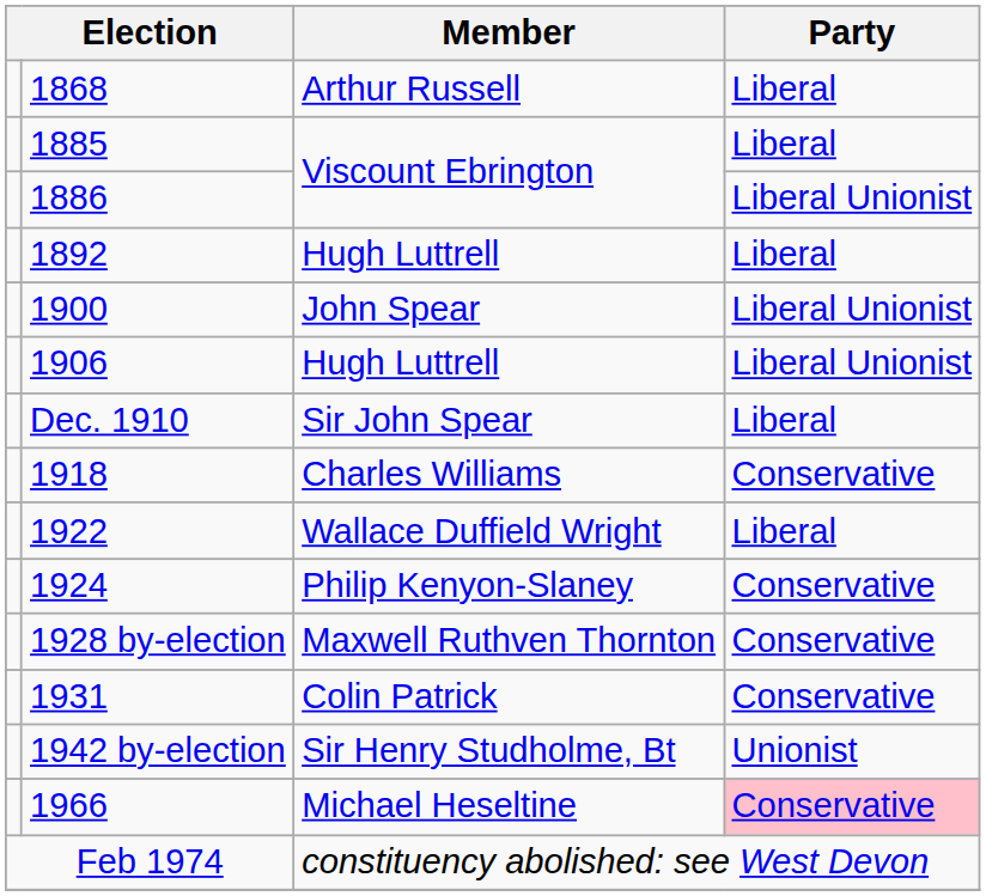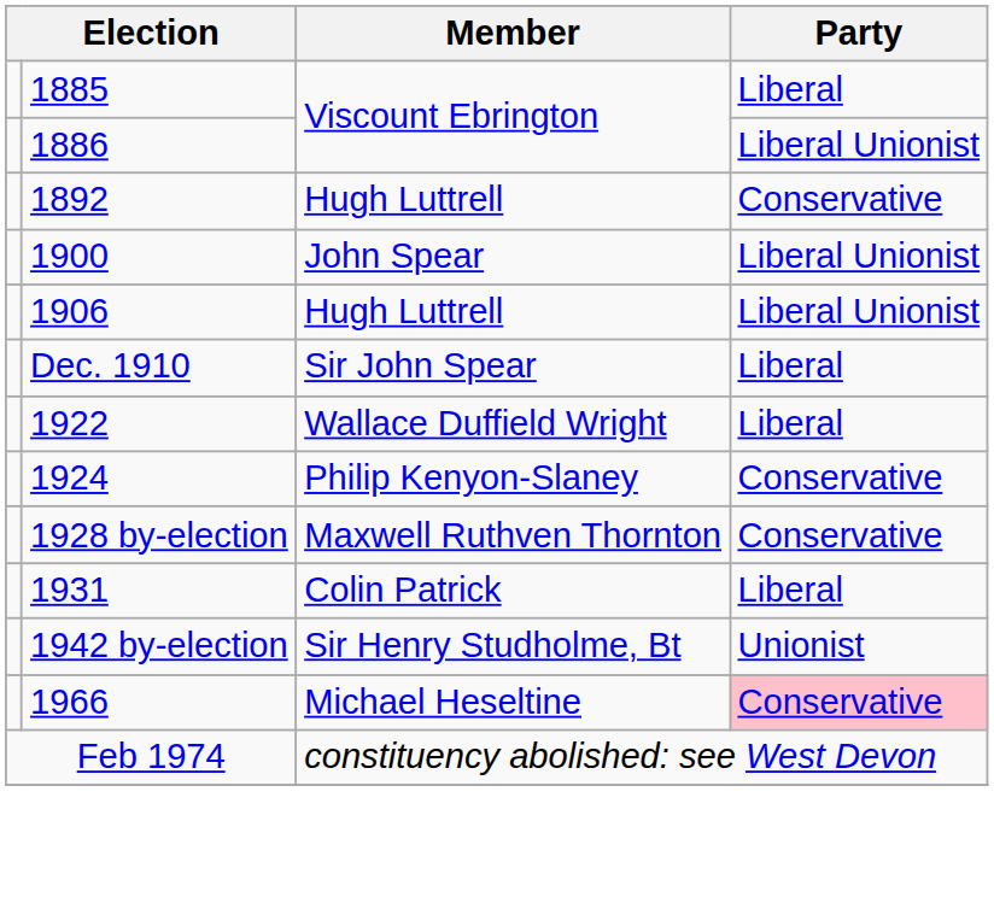 <table class="wikitable">
 <tr>
 <th colspan="2">Election</th>
 <th>Member</th>
 <th>Party</th>
-</tr>
-<tr>
-<td style="color:inherit;background-color: "></td>
-<td><a href='#'>1868</a></td>
-<td><a href='#'>Arthur Russell</a></td>
-<td><a href='#'>Liberal</a></td>
 </tr>
 <tr>
 <td style="color:inherit;background-color: "></td>
 <td><a href='#'>1885</a></td>
 <td rowspan="2"><a href='#'>Viscount Ebrington</a></td>
 <td><a href='#'>Liberal</a></td>
 </tr>
 <tr>
 <td style="color:inherit;background-color: "></td>
 <td><a href='#'>1886</a></td>
 <td><a href='#'>Liberal Unionist</a></td>
 </tr>
 <tr>
 <td style="color:inherit;background-color: "></td>
 <td><a href='#'>1892</a></td>
 <td><a href='#'>Hugh Luttrell</a></td>
-<td><a href='#'>Liberal</a></td>
+<td><a href='#'>Conservative</a></td>
 </tr>
 <tr>
 <td style="color:inherit;background-color: "></td>
 <td><a href='#'>1900</a></td>
 <td><a href='#'>John Spear</a></td>
 <td><a href='#'>Liberal Unionist</a></td>
 </tr>
 <tr>
 <td style="color:inherit;background-color: "></td>
 <td><a href='#'>1906</a></td>
 <td><a href='#'>Hugh Luttrell</a></td>
 <td><a href='#'>Liberal Unionist</a></td>
 </tr>
 <tr>
 <td style="color:inherit;background-color: "></td>
 <td><a href='#'>Dec. 1910</a></td>
 <td><a href='#'>Sir John Spear</a></td>
 <td><a href='#'>Liberal</a></td>
-</tr>
-<tr>
-<td style="color:inherit;background-color: "></td>
-<td><a href='#'>1918</a></td>
-<td><a href='#'>Charles Williams</a></td>
-<td><a href='#'>Conservative</a></td>
 </tr>
 <tr>
 <td style="color:inherit;background-color: "></td>
 <td><a href='#'>1922</a></td>
 <td><a href='#'>Wallace Duffield Wright</a></td>
 <td><a href='#'>Liberal</a></td>
 </tr>
 <tr>
 <td style="color:inherit;background-color: "></td>
 <td><a href='#'>1924</a></td>
 <td><a href='#'>Philip Kenyon-Slaney</a></td>
 <td><a href='#'>Conservative</a></td>
 </tr>
 <tr>
 <td style="color:inherit;background-color: "></td>
 <td><a href='#'>1928 by-election</a></td>
 <td><a href='#'>Maxwell Ruthven Thornton</a></td>
 <td><a href='#'>Conservative</a></td>
 </tr>
 <tr>
 <td style="color:inherit;background-color: "></td>
 <td><a href='#'>1931</a></td>
 <td><a href='#'>Colin Patrick</a></td>
-<td><a href='#'>Conservative</a></td>
+<td><a href='#'>Liberal</a></td>
 </tr>
 <tr>
 <td style="color:inherit;background-color: "></td>
 <td><a href='#'>1942 by-election</a></td>
 <td><a href='#'>Sir Henry Studholme, Bt</a></td>
 <td><a href='#'>Unionist</a></td>
 </tr>
 <tr>
 <td style="color:inherit;background-color: "></td>
 <td><a href='#'>1966</a></td>
 <td><a href='#'>Michael Heseltine</a></td>
 <td style="background: pink;"><a href='#'>Conservative</a></td>
 </tr>
 <tr>
 <td colspan="2" align="center"><a href='#'>Feb 1974</a></td>
 <td colspan="2"><em>constituency abolished: see <a href='#'>West Devon</a></em></td>
 </tr>
 <tr>
 </tr>
 </table>
